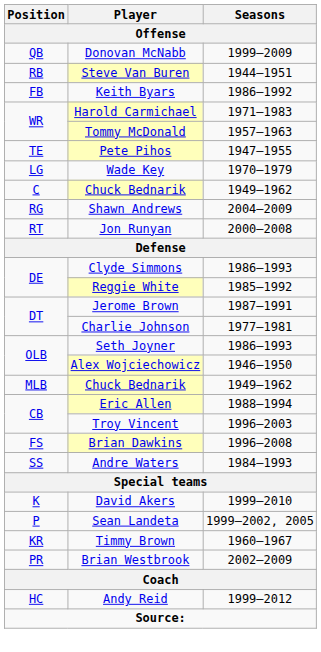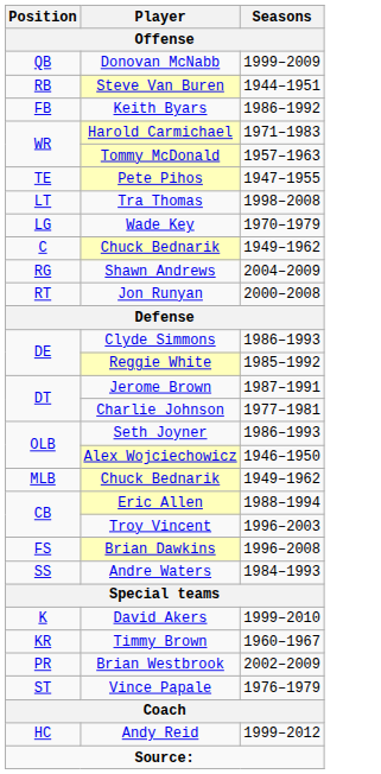 <table class="wikitable sortable" style="text-align:center">
 <tr>
 <th scope="col">Position</th>
 <th scope="col">Player</th>
 <th scope="col">Seasons</th>
 </tr>
 <tr>
 <th colspan="3">Offense</th>
 </tr>
 <tr>
 <td><a href='#'>QB</a></td>
 <td><a href='#'>Donovan McNabb</a></td>
 <td>1999–2009</td>
 </tr>
 <tr>
 <td><a href='#'>RB</a></td>
 <td style="background:#ffb"><a href='#'>Steve Van Buren</a></td>
 <td>1944–1951</td>
 </tr>
 <tr>
 <td><a href='#'>FB</a></td>
 <td><a href='#'>Keith Byars</a></td>
 <td>1986–1992</td>
 </tr>
 <tr>
 <td rowspan=2><a href='#'>WR</a></td>
 <td style="background:#ffb"><a href='#'>Harold Carmichael</a></td>
 <td>1971–1983</td>
 </tr>
 <tr>
 <td style="background:#ffb"><a href='#'>Tommy McDonald</a></td>
 <td>1957–1963</td>
 </tr>
 <tr>
 <td><a href='#'>TE</a></td>
 <td style="background:#ffb"><a href='#'>Pete Pihos</a></td>
 <td>1947–1955</td>
+</tr>
+<tr>
+<td><a href='#'>LT</a></td>
+<td><a href='#'>Tra Thomas</a></td>
+<td>1998–2008</td>
 </tr>
 <tr>
 <td><a href='#'>LG</a></td>
 <td><a href='#'>Wade Key</a></td>
 <td>1970–1979</td>
 </tr>
 <tr>
 <td><a href='#'>C</a></td>
 <td style="background:#ffb"><a href='#'>Chuck Bednarik</a></td>
 <td>1949–1962</td>
 </tr>
 <tr>
 <td><a href='#'>RG</a></td>
 <td><a href='#'>Shawn Andrews</a></td>
 <td>2004–2009</td>
 </tr>
 <tr>
 <td><a href='#'>RT</a></td>
 <td><a href='#'>Jon Runyan</a></td>
 <td>2000–2008</td>
 </tr>
 <tr>
 <th colspan="3">Defense</th>
 </tr>
 <tr>
 <td rowspan=2><a href='#'>DE</a></td>
 <td><a href='#'>Clyde Simmons</a></td>
 <td>1986–1993</td>
 </tr>
 <tr>
 <td style="background:#ffb"><a href='#'>Reggie White</a></td>
 <td>1985–1992</td>
 </tr>
 <tr>
 <td rowspan=2><a href='#'>DT</a></td>
 <td><a href='#'>Jerome Brown</a></td>
 <td>1987–1991</td>
 </tr>
 <tr>
 <td><a href='#'>Charlie Johnson</a></td>
 <td>1977–1981</td>
 </tr>
 <tr>
 <td rowspan=2><a href='#'>OLB</a></td>
 <td><a href='#'>Seth Joyner</a></td>
 <td>1986–1993</td>
 </tr>
 <tr>
 <td style="background:#ffb"><a href='#'>Alex Wojciechowicz</a></td>
 <td>1946–1950</td>
 </tr>
 <tr>
 <td><a href='#'>MLB</a></td>
 <td style="background:#ffb"><a href='#'>Chuck Bednarik</a></td>
 <td>1949–1962</td>
 </tr>
 <tr>
 <td rowspan=2><a href='#'>CB</a></td>
 <td style="background:#ffb"><a href='#'>Eric Allen</a></td>
 <td>1988–1994</td>
 </tr>
 <tr>
 <td><a href='#'>Troy Vincent</a></td>
 <td>1996–2003</td>
 </tr>
 <tr>
 <td><a href='#'>FS</a></td>
 <td style="background:#ffb"><a href='#'>Brian Dawkins</a></td>
 <td>1996–2008</td>
 </tr>
 <tr>
 <td><a href='#'>SS</a></td>
 <td><a href='#'>Andre Waters</a></td>
 <td>1984–1993</td>
 </tr>
 <tr>
 <th colspan="3">Special teams</th>
 </tr>
 <tr>
 <td><a href='#'>K</a></td>
 <td><a href='#'>David Akers</a></td>
 <td>1999–2010</td>
 </tr>
 <tr>
-<td><a href='#'>P</a></td>
-<td><a href='#'>Sean Landeta</a></td>
-<td>1999–2002, 2005</td>
-</tr>
-<tr>
 <td><a href='#'>KR</a></td>
 <td><a href='#'>Timmy Brown</a></td>
 <td>1960–1967</td>
 </tr>
 <tr>
 <td><a href='#'>PR</a></td>
 <td><a href='#'>Brian Westbrook</a></td>
 <td>2002–2009</td>
+</tr>
+<tr>
+<td><a href='#'>ST</a></td>
+<td><a href='#'>Vince Papale</a></td>
+<td>1976–1979</td>
 </tr>
 <tr>
 <th colspan="3">Coach</th>
 </tr>
 <tr>
 <td><a href='#'>HC</a></td>
 <td><a href='#'>Andy Reid</a></td>
 <td>1999–2012</td>
 </tr>
 <tr>
 <td colspan="3" style="text-align:center"><strong>Source:</strong></td>
 </tr>
 </table>
